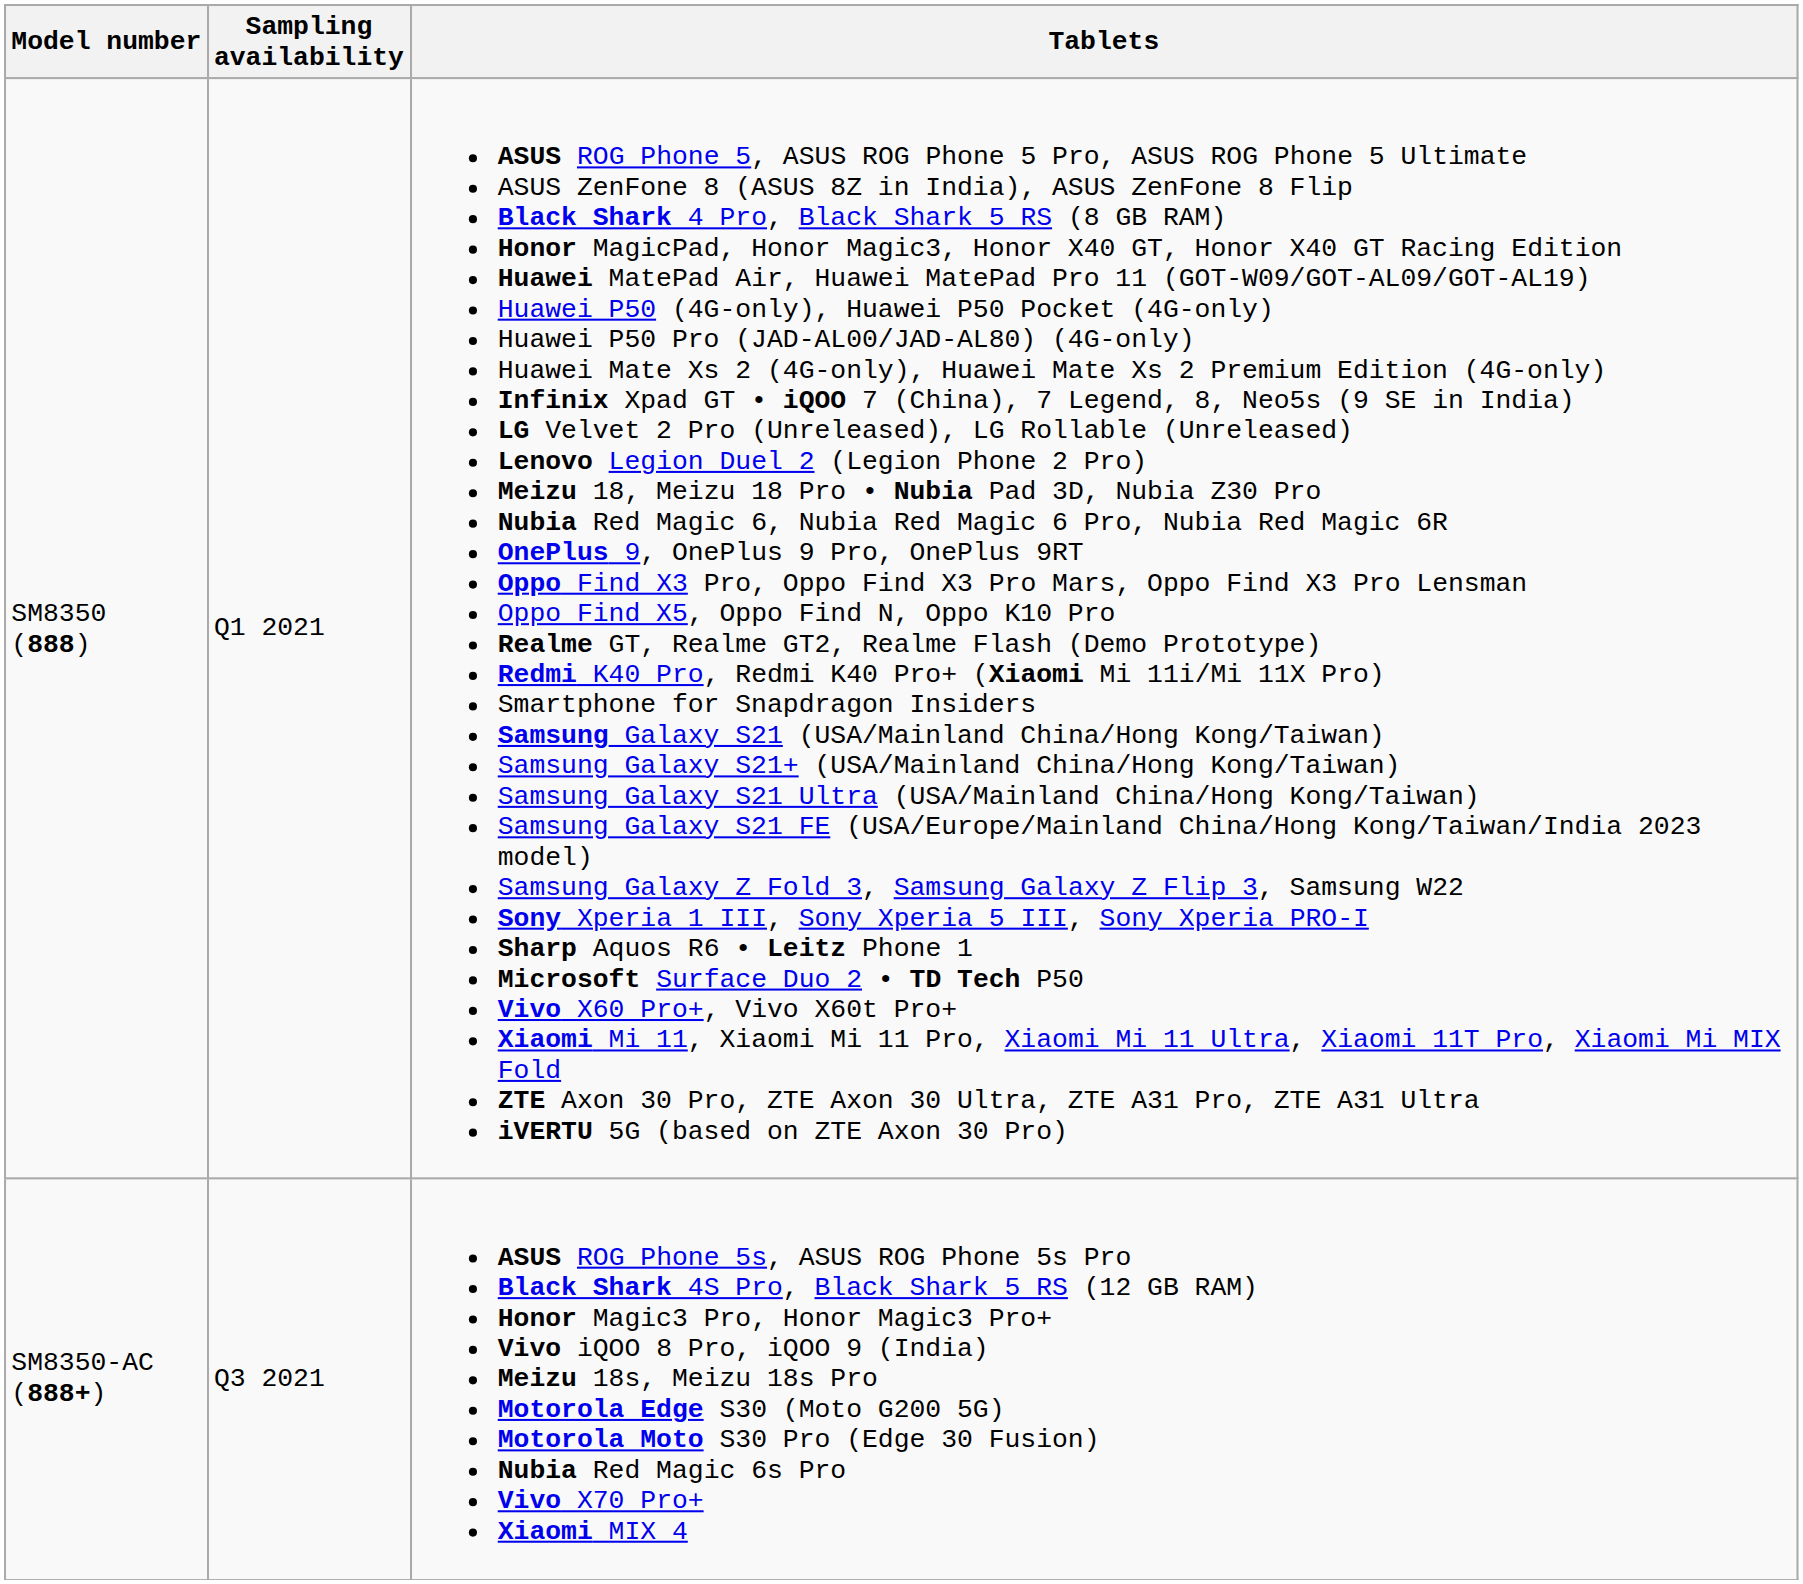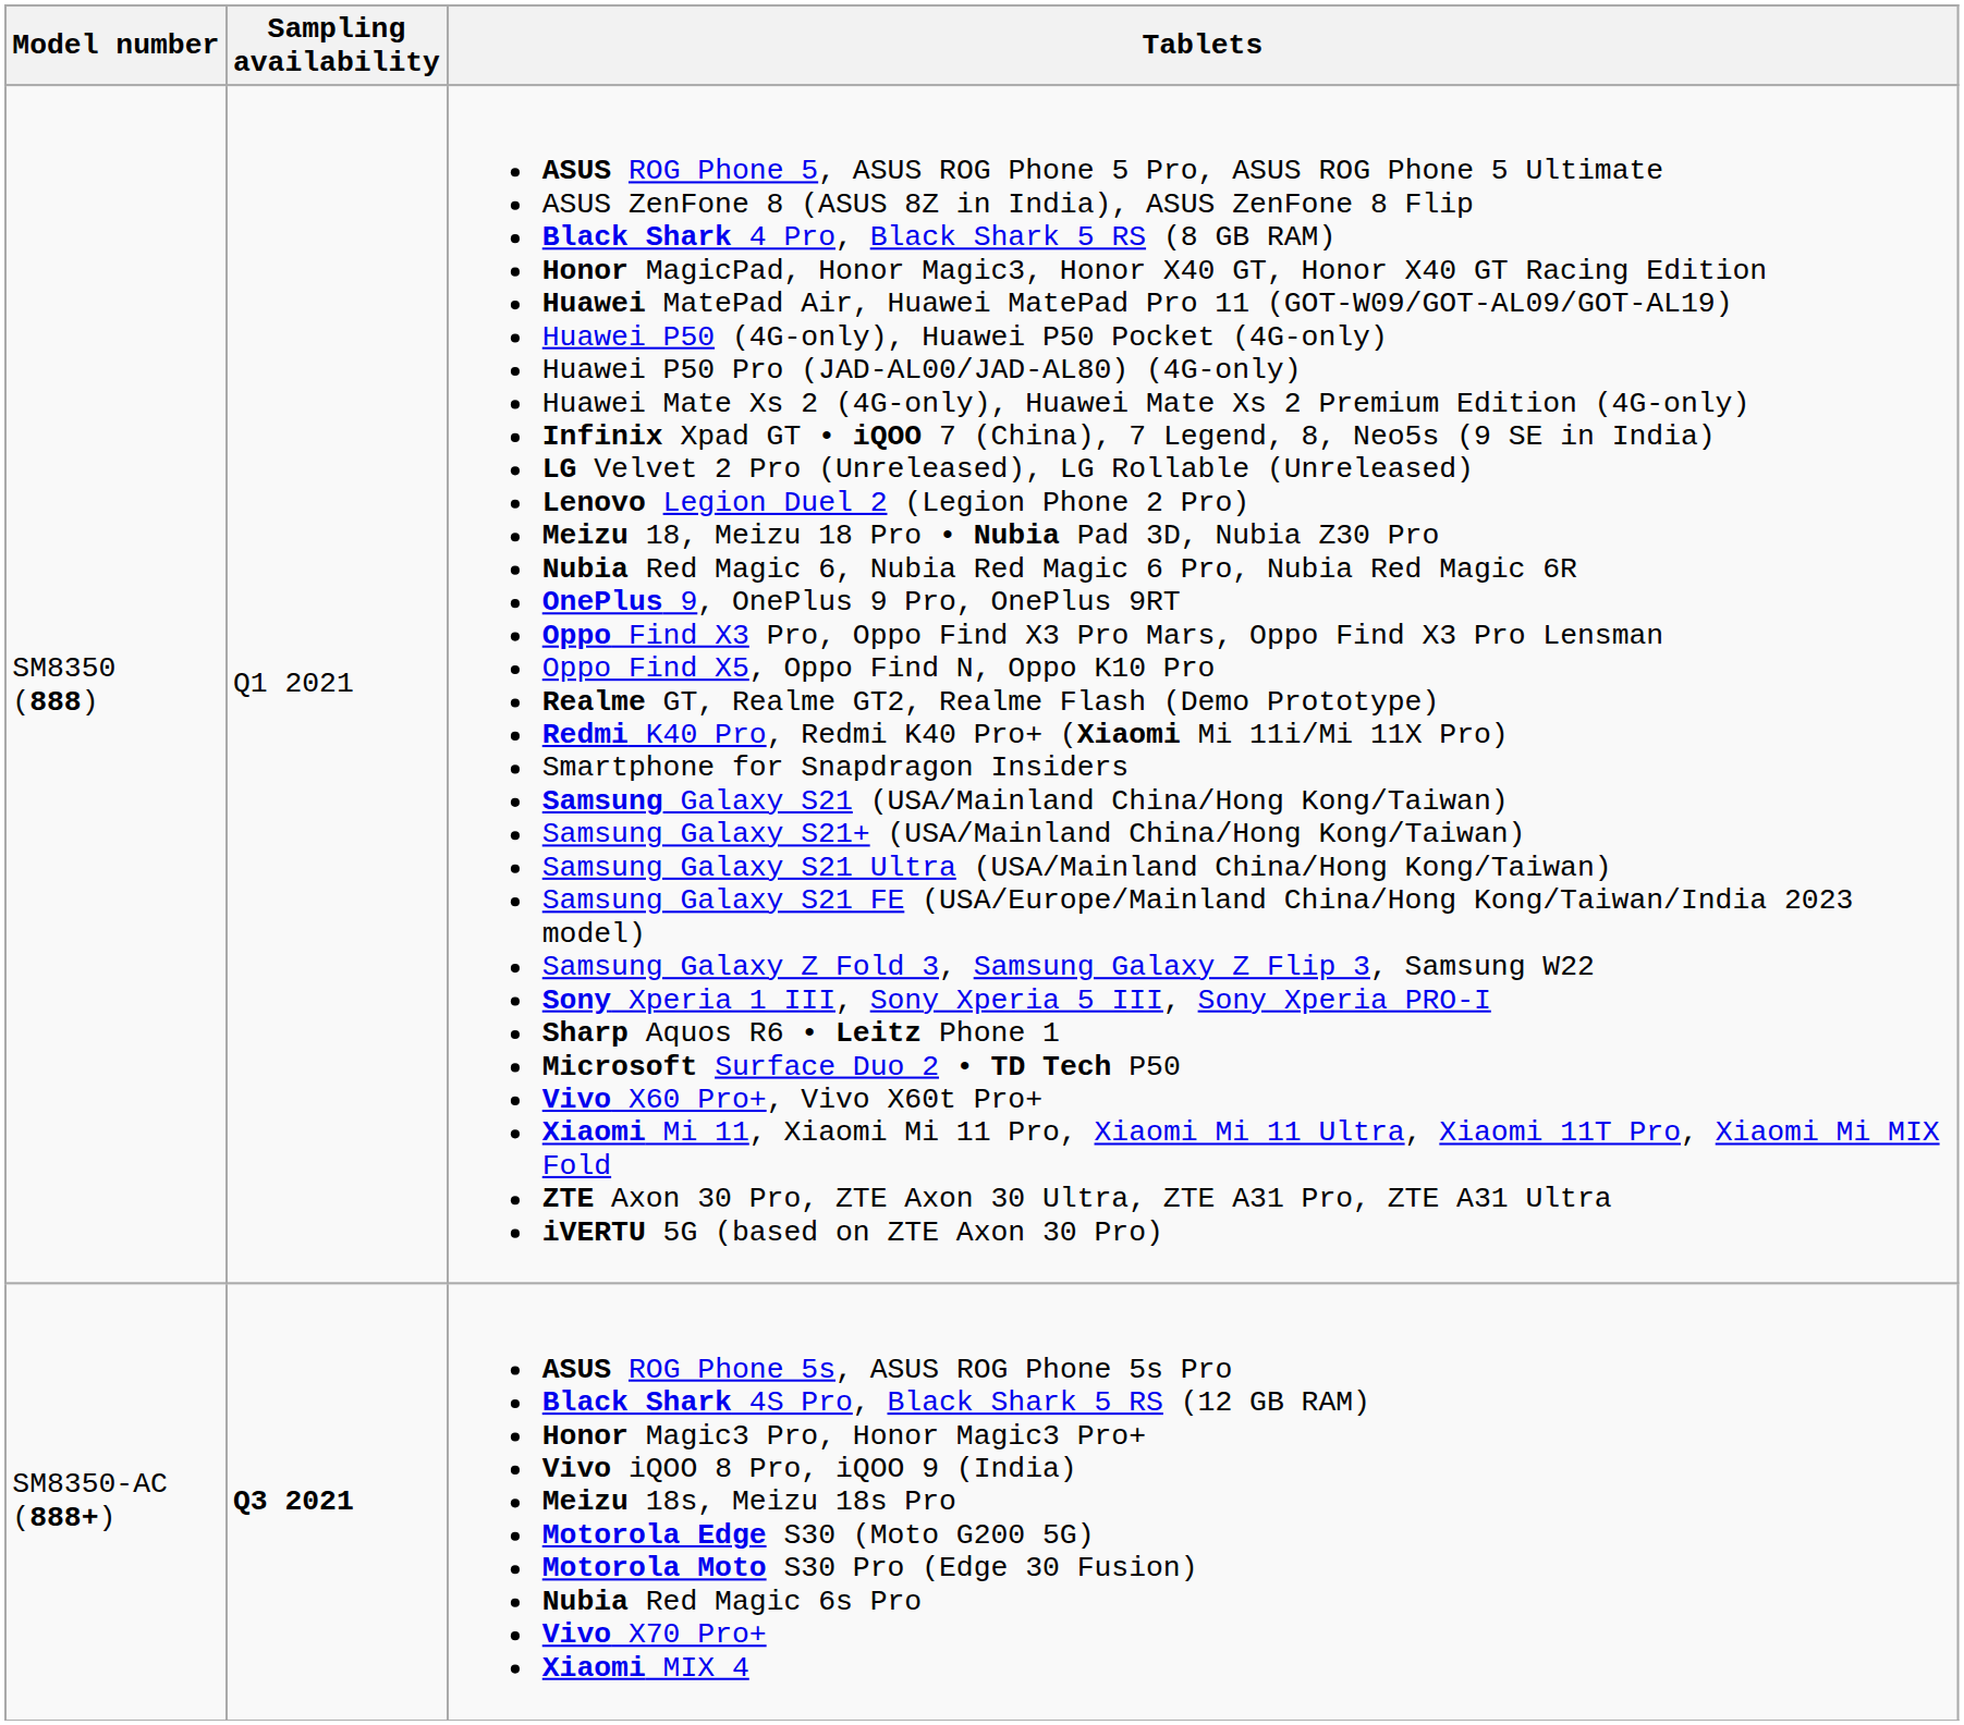 <table class="wikitable" style="width:100%">
 <tr>
 <th>Model number</th>
 <th>Sampling<br>availability</th>
 <th>Tablets</th>
 </tr>
 <tr>
 <td>SM8350 <br>(<strong>888</strong>)</td>
 <td>Q1 2021</td>
 <td><br><ul><li><strong>ASUS</strong> <a href='#'>ROG Phone 5</a>, ASUS ROG Phone 5 Pro, ASUS ROG Phone 5 Ultimate</li><li>ASUS ZenFone 8 (ASUS 8Z in India), ASUS ZenFone 8 Flip</li><li><a href='#'><strong>Black Shark</strong> 4 Pro</a>, <a href='#'>Black Shark 5 RS</a> (8 GB RAM)</li><li><strong>Honor</strong> MagicPad, Honor Magic3, Honor X40 GT, Honor X40 GT Racing Edition</li><li><strong>Huawei</strong> MatePad Air, Huawei MatePad Pro 11 (GOT-W09/GOT-AL09/GOT-AL19)</li><li><a href='#'>Huawei P50</a> (4G-only), Huawei P50 Pocket (4G-only)</li><li>Huawei P50 Pro (JAD-AL00/JAD-AL80) (4G-only)</li><li>Huawei Mate Xs 2 (4G-only), Huawei Mate Xs 2 Premium Edition (4G-only)</li><li><strong>Infinix</strong> Xpad GT • <strong>iQOO</strong> 7 (China), 7 Legend, 8, Neo5s (9 SE in India)</li><li><strong>LG</strong> Velvet 2 Pro (Unreleased), LG Rollable (Unreleased)</li><li><strong>Lenovo</strong> <a href='#'>Legion Duel 2</a> (Legion Phone 2 Pro)</li><li><strong>Meizu</strong> 18, Meizu 18 Pro • <strong>Nubia</strong> Pad 3D, Nubia Z30 Pro</li><li><strong>Nubia</strong> Red Magic 6, Nubia Red Magic 6 Pro, Nubia Red Magic 6R</li><li><a href='#'><strong>OnePlus</strong> 9</a>, OnePlus 9 Pro, OnePlus 9RT</li><li><a href='#'><strong>Oppo</strong> Find X3</a> Pro, Oppo Find X3 Pro Mars, Oppo Find X3 Pro Lensman</li><li><a href='#'>Oppo Find X5</a>, Oppo Find N, Oppo K10 Pro</li><li><strong>Realme</strong> GT, Realme GT2, Realme Flash (Demo Prototype)</li><li><a href='#'><strong>Redmi</strong> K40 Pro</a>, Redmi K40 Pro+ (<strong>Xiaomi</strong> Mi 11i/Mi 11X Pro)</li><li>Smartphone for Snapdragon Insiders</li><li><a href='#'><strong>Samsung</strong> Galaxy S21</a> (USA/Mainland China/Hong Kong/Taiwan)</li><li><a href='#'>Samsung Galaxy S21+</a> (USA/Mainland China/Hong Kong/Taiwan)</li><li><a href='#'>Samsung Galaxy S21 Ultra</a> (USA/Mainland China/Hong Kong/Taiwan)</li><li><a href='#'>Samsung Galaxy S21 FE</a> (USA/Europe/Mainland China/Hong Kong/Taiwan/India 2023 model)</li><li><a href='#'>Samsung Galaxy Z Fold 3</a>, <a href='#'>Samsung Galaxy Z Flip 3</a>, Samsung W22</li><li><a href='#'><strong>Sony</strong> Xperia 1 III</a>, <a href='#'>Sony Xperia 5 III</a>, <a href='#'>Sony Xperia PRO-I</a></li><li><strong>Sharp</strong> Aquos R6 • <strong>Leitz</strong> Phone 1</li><li><strong>Microsoft</strong> <a href='#'>Surface Duo 2</a> • <strong>TD Tech</strong> P50</li><li><a href='#'><strong>Vivo</strong> X60 Pro+</a>, Vivo X60t Pro+</li><li><a href='#'><strong>Xiaomi</strong> Mi 11</a>, Xiaomi Mi 11 Pro, <a href='#'>Xiaomi Mi 11 Ultra</a>, <a href='#'>Xiaomi 11T Pro</a>, <a href='#'>Xiaomi Mi MIX Fold</a></li><li><strong>ZTE</strong> Axon 30 Pro, ZTE Axon 30 Ultra, ZTE A31 Pro, ZTE A31 Ultra</li><li><strong>iVERTU</strong> 5G (based on ZTE Axon 30 Pro)</li></ul></td>
 </tr>
 <tr>
 <td>SM8350-AC <br>(<strong>888+</strong>)</td>
-<td>Q3 2021</td>
+<td><strong>Q3 2021</strong></td>
 <td><br><ul><li><strong>ASUS</strong> <a href='#'>ROG Phone 5s</a>, ASUS ROG Phone 5s Pro</li><li><a href='#'><strong>Black Shark</strong> 4S Pro</a>, <a href='#'>Black Shark 5 RS</a> (12 GB RAM)</li><li><strong>Honor</strong> Magic3 Pro, Honor Magic3 Pro+</li><li><strong>Vivo</strong> iQOO 8 Pro, iQOO 9 (India)</li><li><strong>Meizu</strong> 18s, Meizu 18s Pro</li><li><strong><a href='#'>Motorola Edge</a></strong> S30 (Moto G200 5G)</li><li><strong><a href='#'>Motorola Moto</a></strong> S30 Pro (Edge 30 Fusion)</li><li><strong>Nubia</strong> Red Magic 6s Pro</li><li><a href='#'><strong>Vivo</strong> X70 Pro+</a></li><li><a href='#'><strong>Xiaomi</strong> MIX 4</a></li></ul></td>
 </tr>
 <tr>
 </tr>
 </table>
